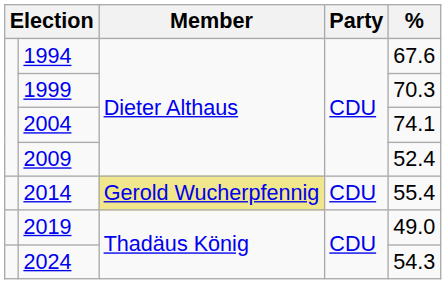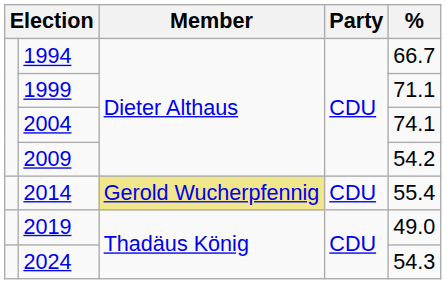 <table class=wikitable>
 <tr>
 <th colspan=2>Election</th>
 <th>Member</th>
 <th>Party</th>
 <th>%</th>
 </tr>
 <tr>
 <td rowspan=4 bgcolor=></td>
 <td><a href='#'>1994</a></td>
 <td rowspan=4><a href='#'>Dieter Althaus</a></td>
 <td rowspan=4><a href='#'>CDU</a></td>
-<td align=right>67.6</td>
+<td align=right>66.7</td>
 </tr>
 <tr>
 <td><a href='#'>1999</a></td>
-<td align=right>70.3</td>
+<td align=right>71.1</td>
 </tr>
 <tr>
 <td><a href='#'>2004</a></td>
 <td align=right>74.1</td>
 </tr>
 <tr>
 <td><a href='#'>2009</a></td>
-<td align=right>52.4</td>
+<td align=right>54.2</td>
 </tr>
 <tr>
 <td bgcolor=></td>
 <td><a href='#'>2014</a></td>
 <td style="background: khaki;"><a href='#'>Gerold Wucherpfennig</a></td>
 <td><a href='#'>CDU</a></td>
 <td align=right>55.4</td>
 </tr>
 <tr>
 <td bgcolor=></td>
 <td><a href='#'>2019</a></td>
 <td rowspan="2"><a href='#'>Thadäus König</a></td>
 <td rowspan="2"><a href='#'>CDU</a></td>
 <td align=right>49.0</td>
 </tr>
 <tr>
 <td></td>
 <td><a href='#'>2024</a></td>
 <td>54.3</td>
 </tr>
 </table>
